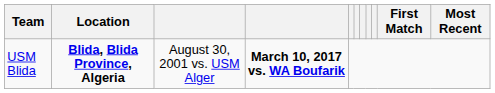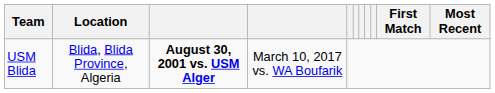 <table class="wikitable" style="text-align:center">
 <tr>
 <th>Team</th>
 <th>Location</th>
 <th></th>
 <th></th>
 <th></th>
 <th></th>
 <th></th>
 <th></th>
 <th></th>
 <th>First Match</th>
 <th>Most Recent</th>
 </tr>
 <tr>
 <td align="left"><a href='#'>USM Blida</a></td>
-<td><strong><a href='#'>Blida</a>, <a href='#'>Blida Province</a>, Algeria<br></strong></td>
-<td>August 30, 2001 vs. <a href='#'>USM Alger</a></td>
-<td><strong>March 10, 2017 vs. <a href='#'>WA Boufarik</a></strong></td>
+<td><a href='#'>Blida</a>, <a href='#'>Blida Province</a>, Algeria<br></td>
+<td><strong>August 30, 2001 vs. <a href='#'>USM Alger</a></strong></td>
+<td>March 10, 2017 vs. <a href='#'>WA Boufarik</a></td>
 </tr>
 </table>
